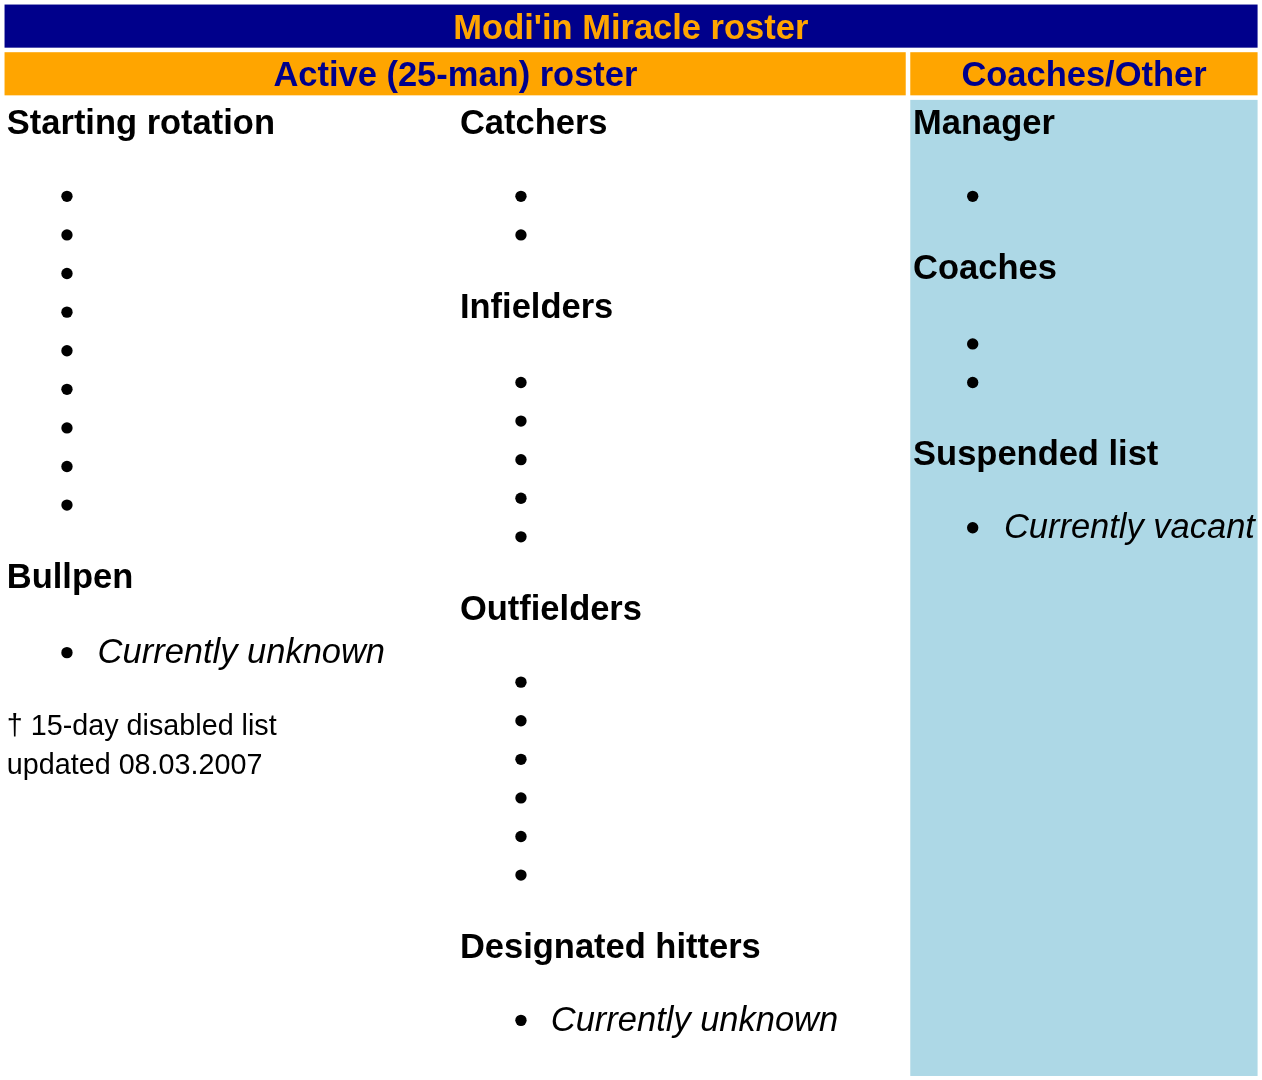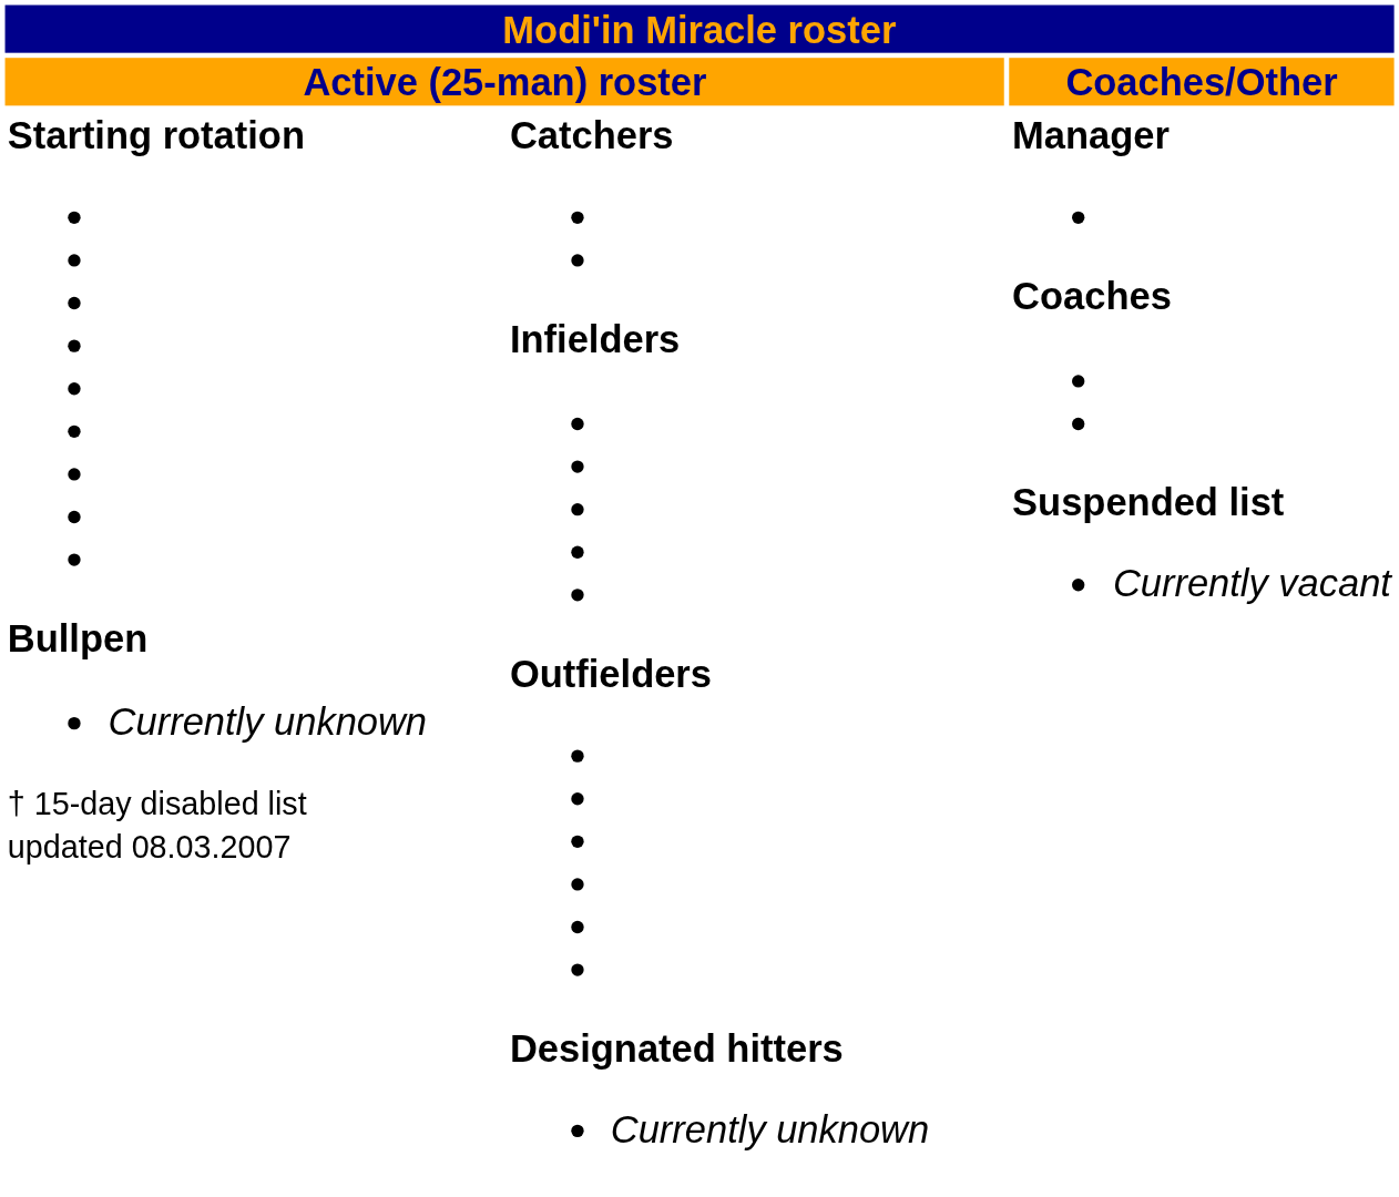 <table class="toccolours" style="font-size: 95%;">
 <tr>
 <th colspan="10" style="background-color: darkblue; color: orange; text-align: center;">Modi'in Miracle roster</th>
 </tr>
 <tr>
 <td colspan="4" style="background-color: orange; color: darkblue; text-align: center;"><strong>Active (25-man) roster</strong></td>
 <td colspan="1" style="background-color: orange; color: darkblue; text-align: center;"><strong>Coaches/Other</strong></td>
 </tr>
 <tr>
 <td style="vertical-align:top;"><strong>Starting rotation</strong><br><ul><li></li><li></li><li></li><li></li><li></li><li></li><li></li><li></li><li></li></ul><strong>Bullpen</strong><ul><li><em>Currently unknown</em></li></ul><small>† 15-day disabled list</small><br> <small> updated 08.03.2007</small><br> <small></small></td>
 <td width="25px"></td>
 <td style="vertical-align:top;"><strong>Catchers</strong><br><ul><li></li><li></li></ul><strong>Infielders</strong><ul><li></li><li></li><li></li><li></li><li></li></ul><strong>Outfielders</strong><ul><li></li><li></li><li></li><li></li><li></li><li></li></ul><strong>Designated hitters</strong><ul><li><em>Currently unknown</em></li></ul></td>
 <td width="25px"></td>
-<td style="background: lightblue; vertical-align:top;"><strong>Manager</strong><br><ul><li></li></ul><strong>Coaches</strong><ul><li></li><li></li></ul><strong>Suspended list</strong><ul><li><em>Currently vacant</em></li></ul></td>
+<td style="vertical-align:top;"><strong>Manager</strong><br><ul><li></li></ul><strong>Coaches</strong><ul><li></li><li></li></ul><strong>Suspended list</strong><ul><li><em>Currently vacant</em></li></ul></td>
 </tr>
 <tr>
 </tr>
 </table>
